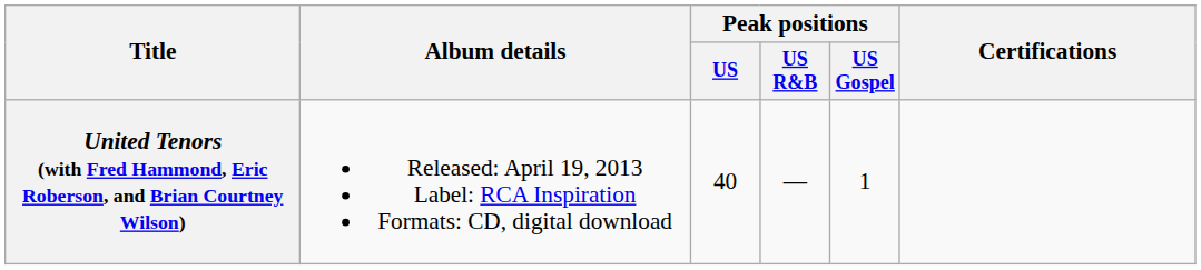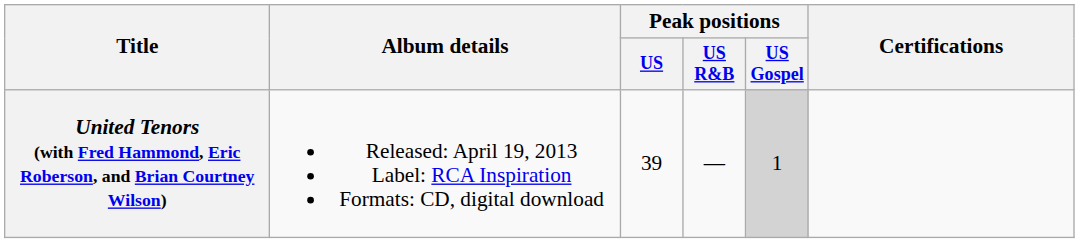 <table class="wikitable plainrowheaders" style="text-align:center;" border="1">
 <tr>
 <th scope="col" rowspan="2" style="width:12em;">Title</th>
 <th scope="col" rowspan="2" style="width:16em;">Album details</th>
 <th scope="col" colspan="3">Peak positions</th>
 <th scope="col" rowspan="2" style="width:12em;">Certifications</th>
 </tr>
 <tr>
 <th scope="col" style="width:3em;font-size:85%;"><a href='#'>US</a><br></th>
 <th scope="col" style="width:3em;font-size:85%;"><a href='#'>US<br>R&B</a><br></th>
 <th scope="col" style="width:3em;font-size:85%;"><a href='#'>US<br>Gospel</a><br></th>
 </tr>
 <tr>
 <th scope="row"><em>United Tenors</em><br><small>(with <a href='#'>Fred Hammond</a>, <a href='#'>Eric Roberson</a>, and <a href='#'>Brian Courtney Wilson</a>)</small></th>
 <td><br><ul><li>Released: April 19, 2013</li><li>Label: <a href='#'>RCA Inspiration</a></li><li>Formats: CD, digital download</li></ul></td>
-<td>40</td>
+<td>39</td>
 <td>—</td>
-<td>1</td>
+<td style="background: lightgrey;">1</td>
 </tr>
 </table>
